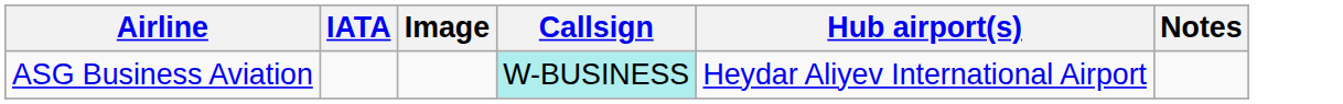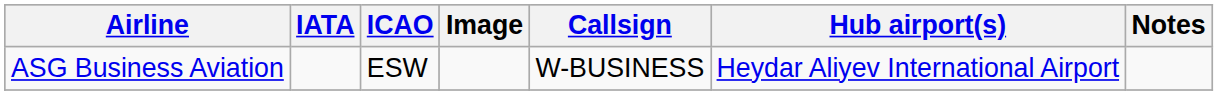 <table class="wikitable sortable" style="border: 0; cellpadding: 2; cellspacing: 3;">
 <tr valign="middle">
 <th><a href='#'>Airline</a></th>
 <th><a href='#'>IATA</a></th>
+<th><a href='#'>ICAO</a></th>
 <th>Image</th>
 <th><a href='#'>Callsign</a></th>
 <th><a href='#'>Hub airport(s)</a></th>
 <th class="unsortable">Notes</th>
 </tr>
 <tr>
 <td><a href='#'>ASG Business Aviation</a></td>
 <td></td>
+<td>ESW</td>
 <td></td>
-<td style="background: paleturquoise;">W-BUSINESS</td>
+<td>W-BUSINESS</td>
 <td><a href='#'>Heydar Aliyev International Airport</a></td>
 <td></td>
 </tr>
 </table>
